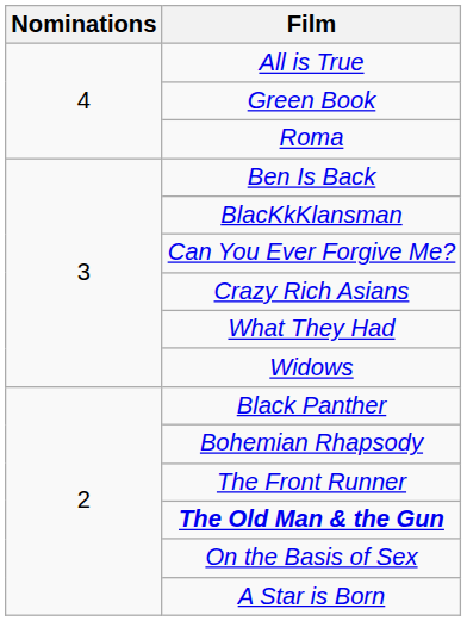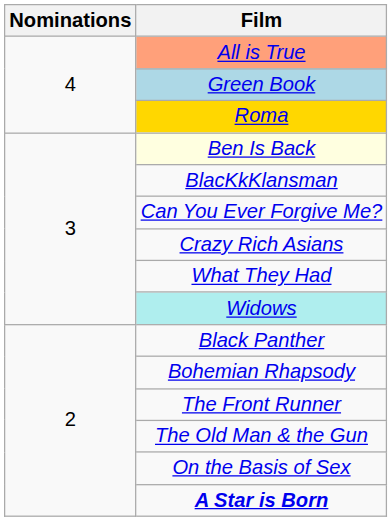 <table class="wikitable plainrowheaders" style="text-align:center;">
 <tr>
 <th scope="col" style="width:55px;">Nominations</th>
 <th scope="col" style="text-align:center;">Film</th>
 </tr>
 <tr>
 <td rowspan="3" scope="row" style="text-align:center">4</td>
-<td><em><a href='#'>All is True</a></em></td>
+<td style="background: lightsalmon;"><em><a href='#'>All is True</a></em></td>
 </tr>
 <tr>
-<td><em><a href='#'>Green Book</a></em></td>
+<td style="background: lightblue;"><em><a href='#'>Green Book</a></em></td>
 </tr>
 <tr>
-<td><em><a href='#'>Roma</a></em></td>
+<td style="background: gold;"><em><a href='#'>Roma</a></em></td>
 </tr>
 <tr>
 <td rowspan="6" scope="row" style="text-align:center">3</td>
-<td><em><a href='#'>Ben Is Back</a></em></td>
+<td style="background: lightyellow;"><em><a href='#'>Ben Is Back</a></em></td>
 </tr>
 <tr>
 <td><em><a href='#'>BlacKkKlansman</a></em></td>
 </tr>
 <tr>
 <td><em><a href='#'>Can You Ever Forgive Me?</a></em></td>
 </tr>
 <tr>
 <td><em><a href='#'>Crazy Rich Asians</a></em></td>
 </tr>
 <tr>
 <td><em><a href='#'>What They Had</a></em></td>
 </tr>
 <tr>
-<td><em><a href='#'>Widows</a></em></td>
+<td style="background: paleturquoise;"><em><a href='#'>Widows</a></em></td>
 </tr>
 <tr>
 <td scope=row rowspan=6 style="text-align:center;">2</td>
 <td><em><a href='#'>Black Panther</a></em></td>
 </tr>
 <tr>
 <td><em><a href='#'>Bohemian Rhapsody</a></em></td>
 </tr>
 <tr>
 <td><em><a href='#'>The Front Runner</a></em></td>
 </tr>
 <tr>
-<td><strong><em><a href='#'>The Old Man & the Gun</a></em></strong></td>
+<td><em><a href='#'>The Old Man & the Gun</a></em></td>
 </tr>
 <tr>
 <td><em><a href='#'>On the Basis of Sex</a></em></td>
 </tr>
 <tr>
-<td><em><a href='#'>A Star is Born</a></em></td>
+<td><strong><em><a href='#'>A Star is Born</a></em></strong></td>
 </tr>
 </table>
